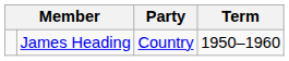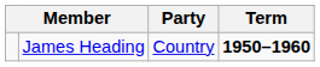 <table class="wikitable">
 <tr>
 <th colspan="2">Member</th>
 <th>Party</th>
 <th>Term</th>
 </tr>
 <tr>
 <td> </td>
 <td><a href='#'>James Heading</a></td>
 <td><a href='#'>Country</a></td>
-<td>1950–1960</td>
+<td><strong>1950–1960</strong></td>
 </tr>
 </table>
